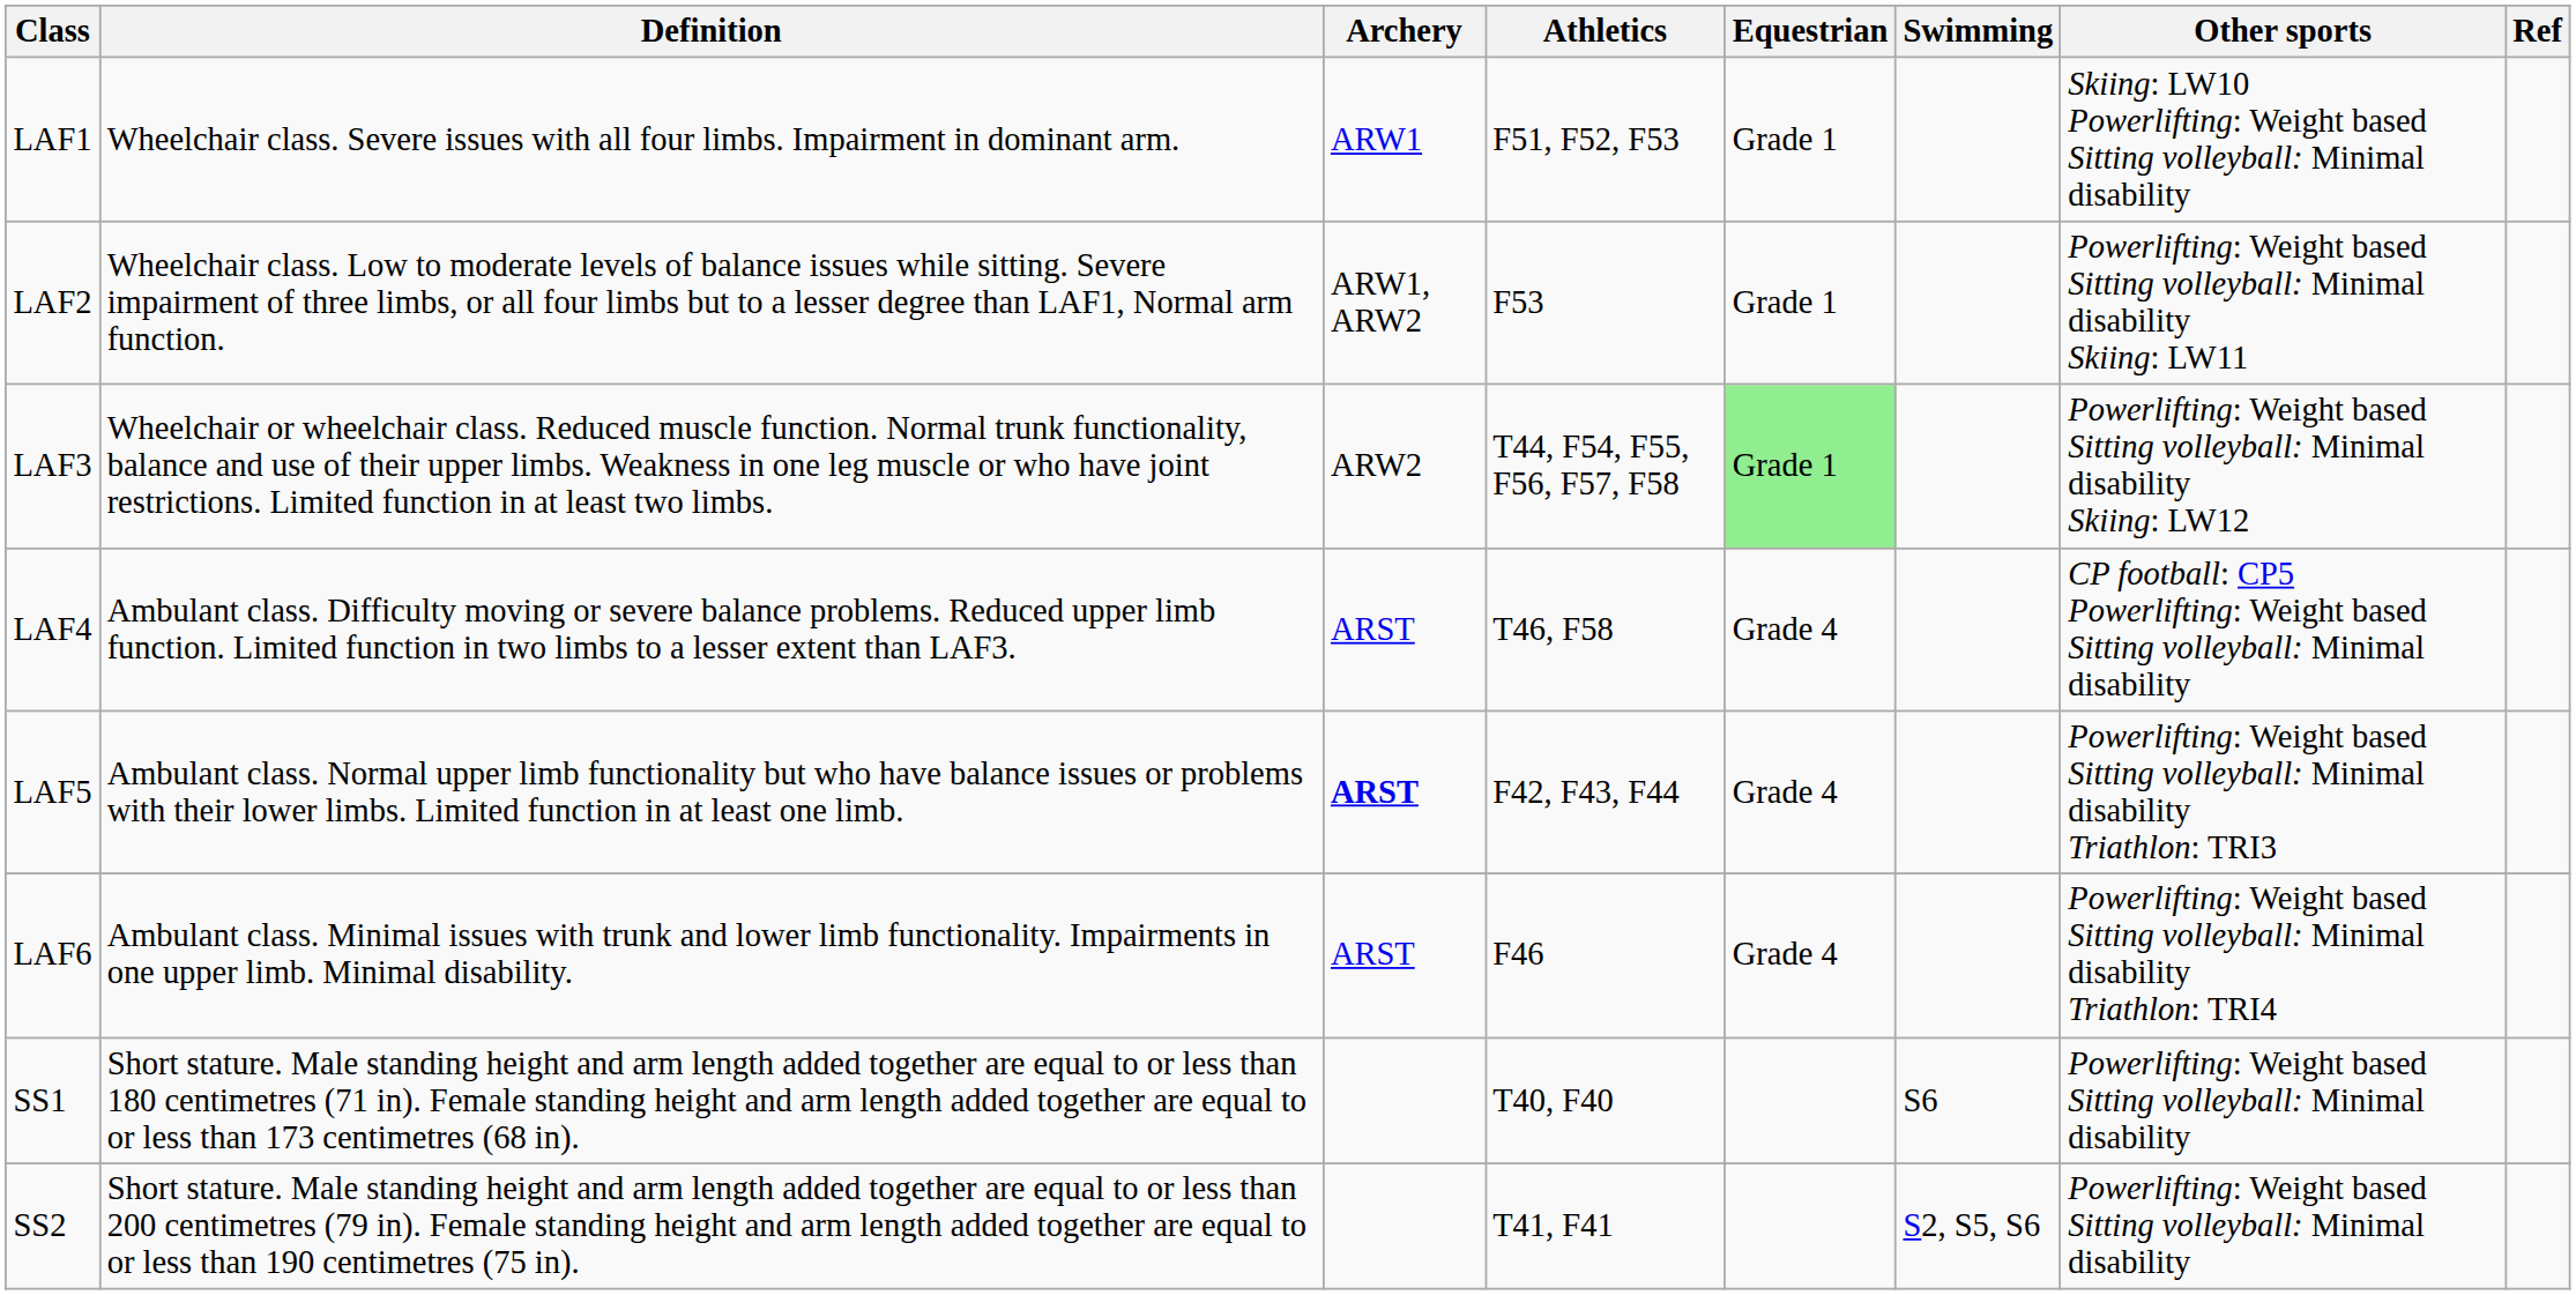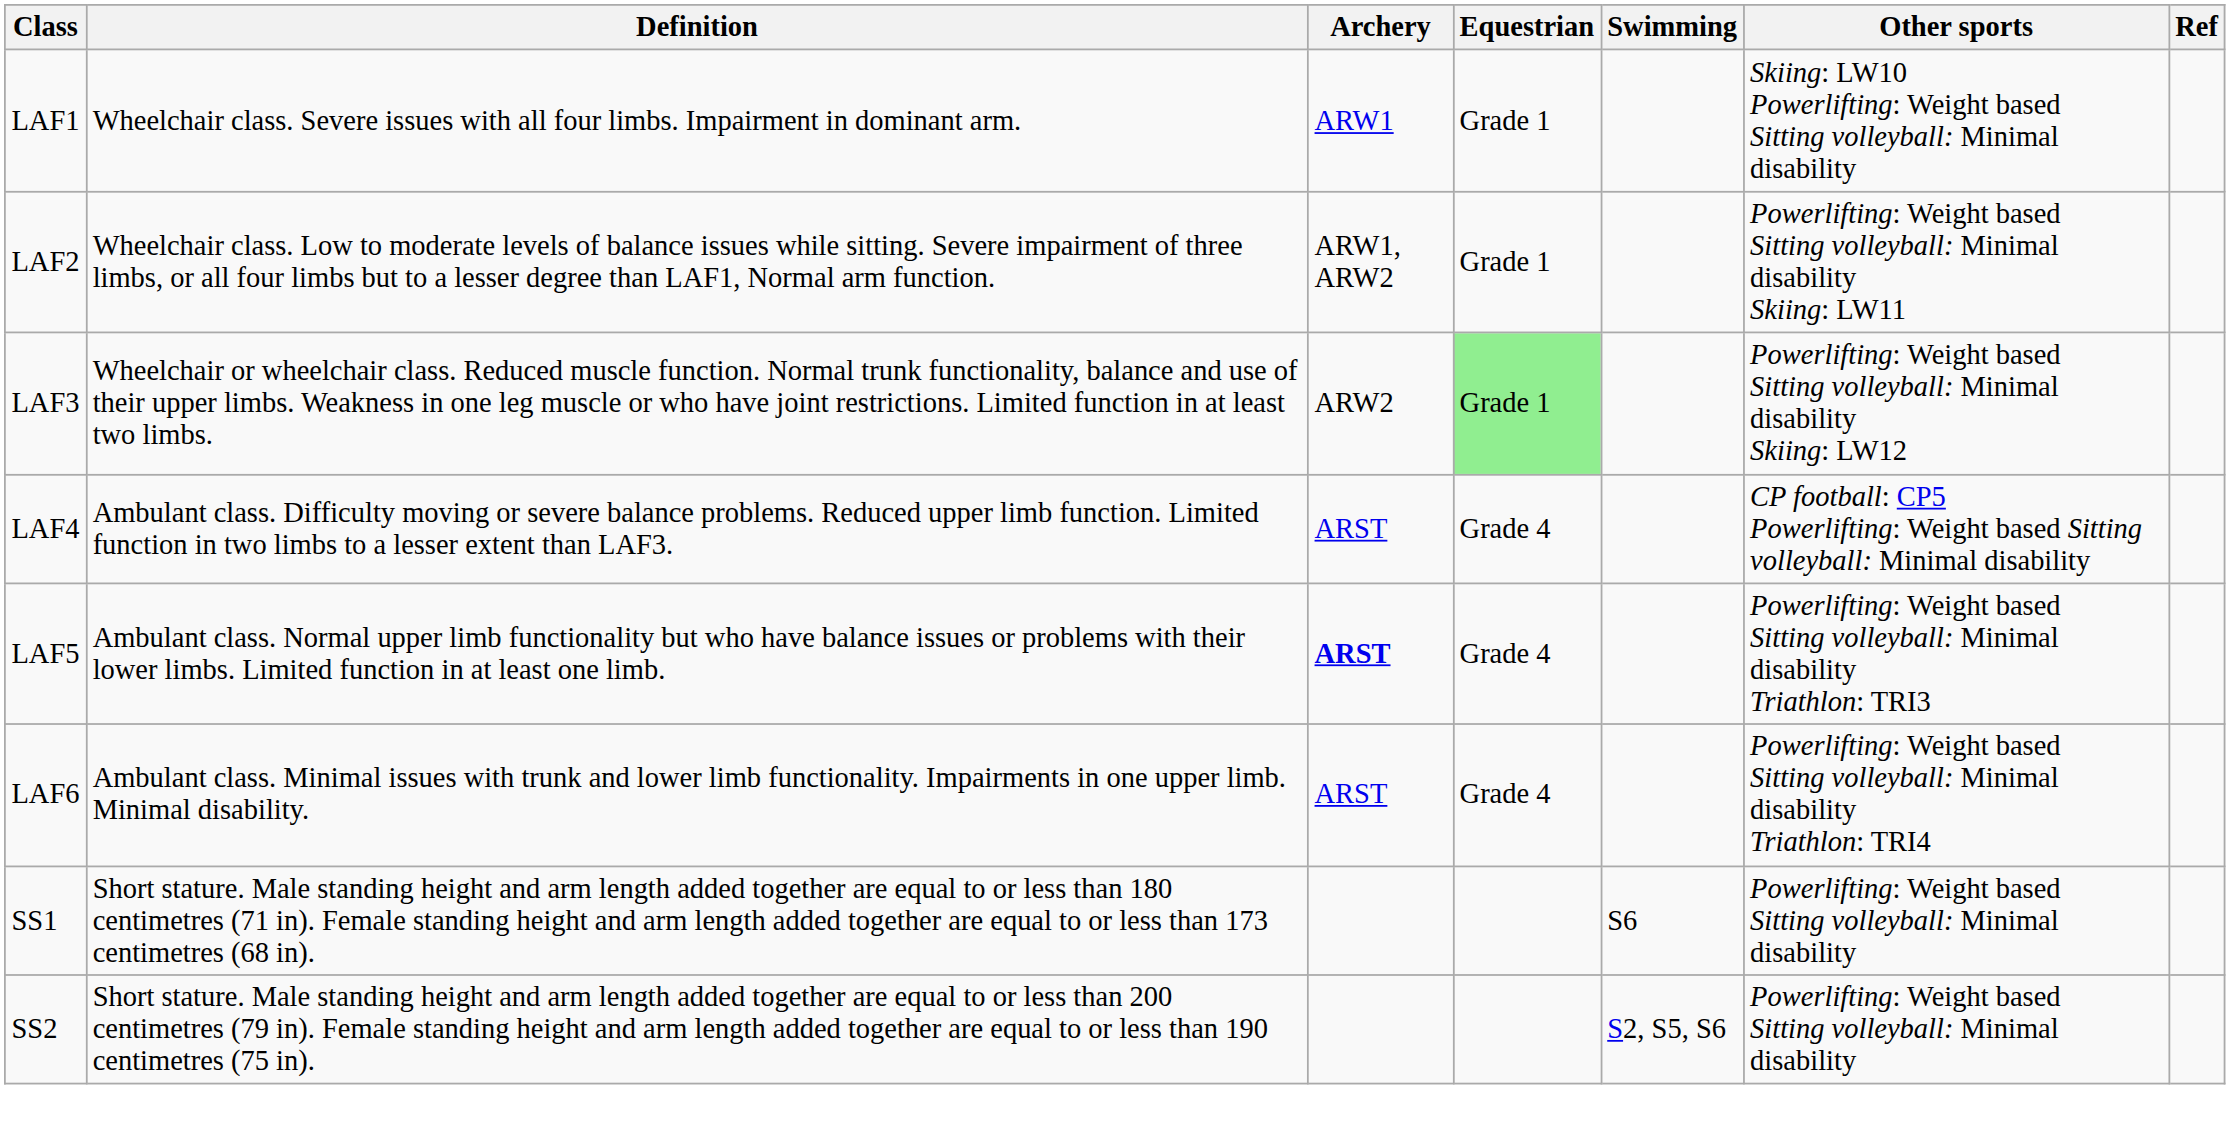 <table class="wikitable">
 <tr>
 <th>Class</th>
 <th>Definition</th>
 <th>Archery</th>
-<th>Athletics</th>
 <th>Equestrian</th>
 <th>Swimming</th>
 <th>Other sports</th>
 <th>Ref</th>
 </tr>
 <tr>
 <td>LAF1</td>
 <td>Wheelchair class. Severe issues with all four limbs. Impairment in dominant arm.</td>
 <td><a href='#'>ARW1</a></td>
-<td>F51, F52, F53</td>
 <td>Grade 1</td>
 <td></td>
 <td><em>Skiing</em>: LW10<br><em>Powerlifting</em>: Weight based<br><em>Sitting volleyball:</em> Minimal disability</td>
 <td></td>
 </tr>
 <tr>
 <td>LAF2</td>
 <td>Wheelchair class. Low to moderate levels of balance issues while sitting. Severe impairment of three limbs, or all four limbs but to a lesser degree than LAF1, Normal arm function.</td>
 <td>ARW1, ARW2</td>
-<td>F53</td>
 <td>Grade 1</td>
 <td></td>
 <td><em>Powerlifting</em>: Weight based<br><em>Sitting volleyball:</em> Minimal disability<br><em>Skiing</em>: LW11</td>
 <td></td>
 </tr>
 <tr>
 <td>LAF3</td>
 <td>Wheelchair or wheelchair class. Reduced muscle function. Normal trunk functionality, balance and use of their upper limbs. Weakness in one leg muscle or who have joint restrictions. Limited function in at least two limbs.</td>
 <td>ARW2</td>
-<td>T44, F54, F55, F56, F57, F58</td>
 <td style="background: lightgreen;">Grade 1</td>
 <td></td>
 <td><em>Powerlifting</em>: Weight based<br><em>Sitting volleyball:</em> Minimal disability<br><em>Skiing</em>: LW12</td>
 <td></td>
 </tr>
 <tr>
 <td>LAF4</td>
 <td>Ambulant class. Difficulty moving or severe balance problems. Reduced upper limb function. Limited function in two limbs to a lesser extent than LAF3.</td>
 <td><a href='#'>ARST</a></td>
-<td>T46, F58</td>
 <td>Grade 4</td>
 <td></td>
 <td><em>CP football</em>: <a href='#'>CP5</a><br><em>Powerlifting</em>: Weight based  <em>Sitting volleyball:</em> Minimal disability</td>
 <td></td>
 </tr>
 <tr>
 <td>LAF5</td>
 <td>Ambulant class. Normal upper limb functionality but who have balance issues or problems with their lower limbs. Limited function in at least one limb.</td>
 <td><strong><a href='#'>ARST</a></strong></td>
-<td>F42, F43, F44</td>
 <td>Grade 4</td>
 <td></td>
 <td><em>Powerlifting</em>: Weight based<br><em>Sitting volleyball:</em> Minimal disability<br><em>Triathlon</em>: TRI3</td>
 <td></td>
 </tr>
 <tr>
 <td>LAF6</td>
 <td>Ambulant class. Minimal issues with trunk and lower limb functionality. Impairments in one upper limb. Minimal disability.</td>
 <td><a href='#'>ARST</a></td>
-<td>F46</td>
 <td>Grade 4</td>
 <td></td>
 <td><em>Powerlifting</em>: Weight based<br><em>Sitting volleyball:</em> Minimal disability<br><em>Triathlon</em>: TRI4</td>
 <td></td>
 </tr>
 <tr>
 <td>SS1</td>
 <td>Short stature. Male standing height and arm length added together are equal to or less than 180 centimetres (71 in). Female standing height and arm length added together are equal to or less than 173 centimetres (68 in).</td>
 <td></td>
-<td>T40, F40</td>
 <td></td>
 <td>S6</td>
 <td><em>Powerlifting</em>: Weight based<br><em>Sitting volleyball:</em> Minimal disability</td>
 <td><br></td>
 </tr>
 <tr>
 <td>SS2</td>
 <td>Short stature. Male standing height and arm length added together are equal to or less than 200 centimetres (79 in). Female standing height and arm length added together are equal to or less than 190 centimetres (75 in).</td>
 <td></td>
-<td>T41, F41</td>
 <td></td>
 <td><a href='#'>S</a>2, S5, S6</td>
 <td><em>Powerlifting</em>: Weight based<br><em>Sitting volleyball:</em> Minimal disability</td>
 <td></td>
 </tr>
 </table>
